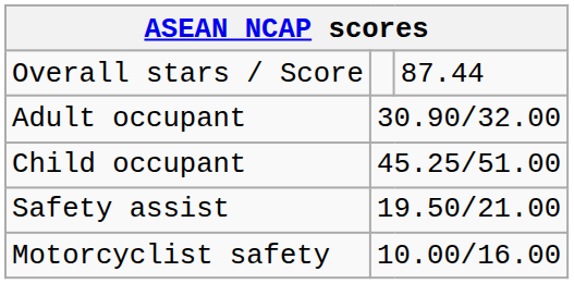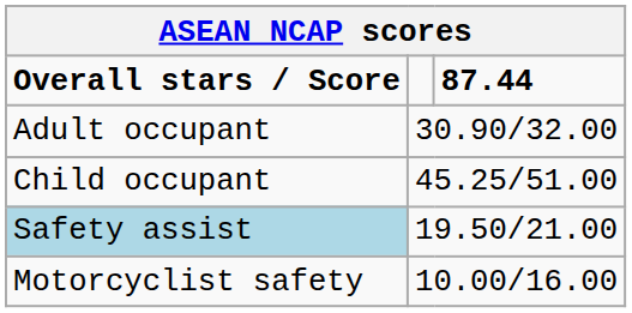 <table class="wikitable">
 <tr>
 <th colspan="3"><a href='#'>ASEAN NCAP</a> scores</th>
 </tr>
 <tr>
-<td>Overall stars / Score</td>
+<td><strong>Overall stars / Score</strong></td>
 <td></td>
-<td>87.44</td>
+<td><strong>87.44</strong></td>
 </tr>
 <tr>
 <td>Adult occupant</td>
 <td colspan="2">30.90/32.00</td>
 </tr>
 <tr>
 <td>Child occupant</td>
 <td colspan="2">45.25/51.00</td>
 </tr>
 <tr>
-<td>Safety assist</td>
+<td style="background: lightblue;">Safety assist</td>
 <td colspan="2">19.50/21.00</td>
 </tr>
 <tr>
 <td>Motorcyclist safety</td>
 <td colspan="2">10.00/16.00</td>
 </tr>
 </table>
